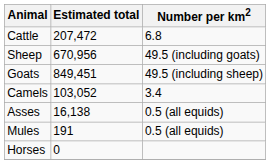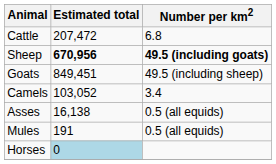 <table align="center" class="wikitable">
 <tr>
 <th>Animal</th>
 <th>Estimated total</th>
 <th>Number per km<sup>2</sup></th>
 </tr>
 <tr>
 <td>Cattle</td>
 <td>207,472</td>
 <td>6.8</td>
 </tr>
 <tr>
 <td>Sheep</td>
-<td>670,956</td>
-<td>49.5 (including goats)</td>
+<td><strong>670,956</strong></td>
+<td><strong>49.5 (including goats)</strong></td>
 </tr>
 <tr>
 <td>Goats</td>
 <td>849,451</td>
 <td>49.5 (including sheep)</td>
 </tr>
 <tr>
 <td>Camels</td>
 <td>103,052</td>
 <td>3.4</td>
 </tr>
 <tr>
 <td>Asses</td>
 <td>16,138</td>
 <td>0.5 (all equids)</td>
 </tr>
 <tr>
 <td>Mules</td>
 <td>191</td>
 <td>0.5 (all equids)</td>
 </tr>
 <tr>
 <td>Horses</td>
-<td>0</td>
+<td style="background: lightblue;">0</td>
 <td></td>
 </tr>
 <tr>
 </tr>
 </table>
